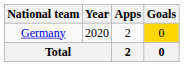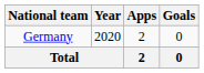 <table class="wikitable" style="text-align: center;">
 <tr>
 <th>National team</th>
 <th>Year</th>
 <th>Apps</th>
 <th>Goals</th>
 </tr>
 <tr>
 <td><a href='#'>Germany</a></td>
 <td>2020</td>
 <td>2</td>
-<td style="background: gold;">0</td>
+<td>0</td>
 </tr>
 <tr>
 <th colspan="2">Total</th>
 <th>2</th>
 <th>0</th>
 </tr>
 </table>
